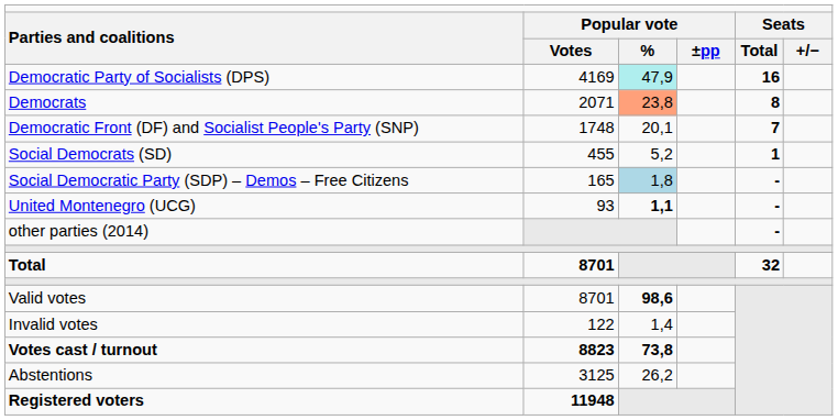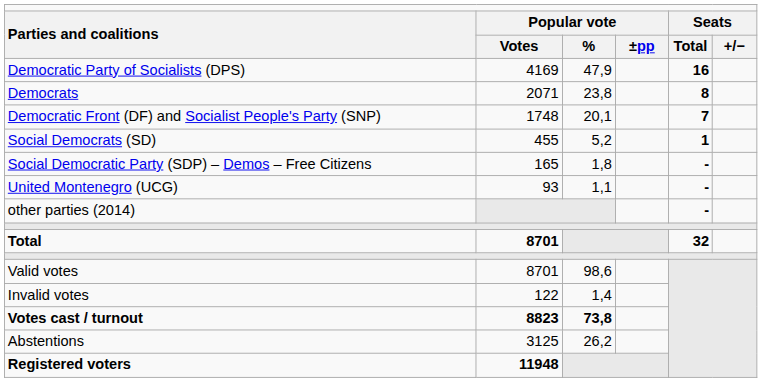 <table class="wikitable" style="text-align:right; font-size:98%; margin-bottom:0">
 <tr>
 <td colspan="6"></td>
 </tr>
 <tr>
 <th style="text-align:left;" rowspan="2" width="500">Parties and coalitions</th>
 <th colspan="3">Popular vote</th>
 <th colspan="2">Seats</th>
 </tr>
 <tr>
 <th width="85">Votes</th>
 <th width="50">%</th>
 <th width="50">±<a href='#'>pp</a></th>
 <th width="40">Total</th>
 <th width="40">+/−</th>
 </tr>
 <tr>
 <td align="left"><a href='#'>Democratic Party of Socialists</a> (DPS)</td>
 <td>4169</td>
-<td style="background: paleturquoise;">47,9</td>
+<td>47,9</td>
 <td></td>
 <td><strong>16</strong></td>
 <td></td>
 </tr>
 <tr>
 <td align="left"><a href='#'>Democrats</a></td>
 <td>2071</td>
-<td style="background: lightsalmon;">23,8</td>
+<td>23,8</td>
 <td></td>
 <td><strong>8</strong></td>
 <td></td>
 </tr>
 <tr>
 <td align="left"><a href='#'>Democratic Front</a> (DF) and <a href='#'>Socialist People's Party</a> (SNP)</td>
 <td>1748</td>
 <td>20,1</td>
 <td></td>
 <td><strong>7</strong></td>
 <td></td>
 </tr>
 <tr>
 <td align="left"><a href='#'>Social Democrats</a> (SD)</td>
 <td>455</td>
 <td>5,2</td>
 <td></td>
 <td><strong>1</strong></td>
 <td></td>
 </tr>
 <tr>
 <td align="left"><a href='#'>Social Democratic Party</a> (SDP) – <a href='#'>Demos</a> – Free Citizens</td>
 <td>165</td>
-<td style="background: lightblue;">1,8</td>
+<td>1,8</td>
 <td></td>
 <td><strong>-</strong></td>
 <td></td>
 </tr>
 <tr>
 <td align="left"><a href='#'>United Montenegro</a> (UCG)</td>
 <td>93</td>
-<td><strong>1,1</strong></td>
+<td>1,1</td>
 <td></td>
 <td><strong>-</strong></td>
 <td></td>
 </tr>
 <tr>
 <td align="left">other parties (2014)</td>
 <td bgcolor="#E9E9E9" colspan="2"></td>
 <td style="color:red;"></td>
 <td><strong>-</strong></td>
 <td></td>
 </tr>
 <tr>
 <td colspan="6" bgcolor="#E9E9E9"></td>
 </tr>
 <tr style="font-weight:bold;">
 <td align="left" width="500">Total</td>
 <td>8701</td>
 <td bgcolor="#E9E9E9" colspan="2"></td>
 <td width="40">32</td>
 <td width="40"></td>
 </tr>
 <tr>
 <td colspan="6" bgcolor="#E9E9E9"></td>
 </tr>
 <tr>
 <td align="left">Valid votes</td>
 <td>8701</td>
-<td><strong>98,6</strong></td>
+<td>98,6</td>
 <td style="color:green;"></td>
 <td bgcolor="#E9E9E9" colspan="2" rowspan="5"></td>
 </tr>
 <tr>
 <td align="left">Invalid votes</td>
 <td>122</td>
 <td>1,4</td>
 <td style="color:red;"></td>
 </tr>
 <tr style="font-weight:bold;">
 <td align="left">Votes cast / turnout</td>
 <td>8823</td>
 <td>73,8</td>
 <td style="color:green;"></td>
 </tr>
 <tr>
 <td align="left">Abstentions</td>
 <td>3125</td>
 <td>26,2</td>
 <td style="color:red;"></td>
 </tr>
 <tr style="font-weight:bold;">
 <td align="left">Registered voters</td>
 <td>11948</td>
 <td bgcolor="#E9E9E9" colspan="2"></td>
 </tr>
 </table>
